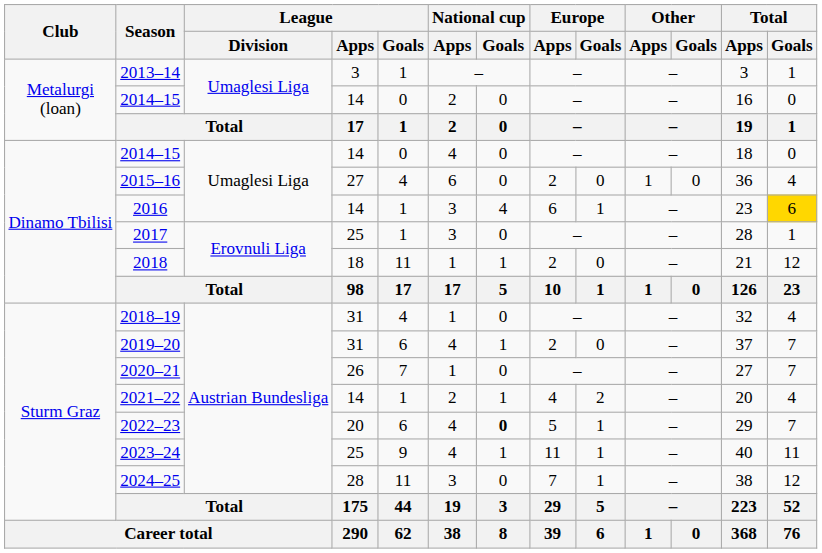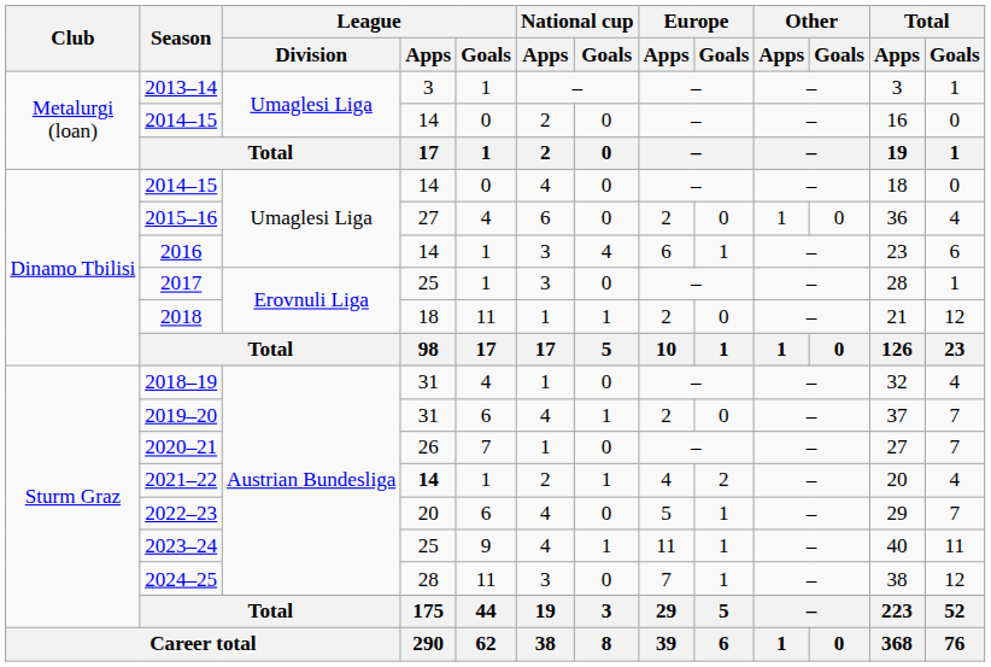 <table class="wikitable" style="text-align:center">
 <tr>
 <th rowspan="2">Club</th>
 <th rowspan="2">Season</th>
 <th colspan="3">League</th>
 <th colspan="2">National cup</th>
 <th colspan="2">Europe</th>
 <th colspan="2">Other</th>
 <th colspan="2">Total</th>
 </tr>
 <tr>
 <th>Division</th>
 <th>Apps</th>
 <th>Goals</th>
 <th>Apps</th>
 <th>Goals</th>
 <th>Apps</th>
 <th>Goals</th>
 <th>Apps</th>
 <th>Goals</th>
 <th>Apps</th>
 <th>Goals</th>
 </tr>
 <tr>
 <td rowspan="3"><a href='#'>Metalurgi</a> <br>(loan)</td>
 <td><a href='#'>2013–14</a></td>
 <td rowspan="2"><a href='#'>Umaglesi Liga</a></td>
 <td>3</td>
 <td>1</td>
 <td colspan="2">–</td>
 <td colspan="2">–</td>
 <td colspan="2">–</td>
 <td>3</td>
 <td>1</td>
 </tr>
 <tr>
 <td><a href='#'>2014–15</a></td>
 <td>14</td>
 <td>0</td>
 <td>2</td>
 <td>0</td>
 <td colspan="2">–</td>
 <td colspan="2">–</td>
 <td>16</td>
 <td>0</td>
 </tr>
 <tr>
 <th colspan="2">Total</th>
 <th>17</th>
 <th>1</th>
 <th>2</th>
 <th>0</th>
 <th colspan="2">–</th>
 <th colspan="2">–</th>
 <th>19</th>
 <th>1</th>
 </tr>
 <tr>
 <td rowspan="6"><a href='#'>Dinamo Tbilisi</a></td>
 <td><a href='#'>2014–15</a></td>
 <td rowspan="3">Umaglesi Liga</td>
 <td>14</td>
 <td>0</td>
 <td>4</td>
 <td>0</td>
 <td colspan="2">–</td>
 <td colspan="2">–</td>
 <td>18</td>
 <td>0</td>
 </tr>
 <tr>
 <td><a href='#'>2015–16</a></td>
 <td>27</td>
 <td>4</td>
 <td>6</td>
 <td>0</td>
 <td>2</td>
 <td>0</td>
 <td>1</td>
 <td>0</td>
 <td>36</td>
 <td>4</td>
 </tr>
 <tr>
 <td><a href='#'>2016</a></td>
 <td>14</td>
 <td>1</td>
 <td>3</td>
 <td>4</td>
 <td>6</td>
 <td>1</td>
 <td colspan="2">–</td>
 <td>23</td>
-<td style="background: gold;">6</td>
+<td>6</td>
 </tr>
 <tr>
 <td><a href='#'>2017</a></td>
 <td rowspan="2"><a href='#'>Erovnuli Liga</a></td>
 <td>25</td>
 <td>1</td>
 <td>3</td>
 <td>0</td>
 <td colspan="2">–</td>
 <td colspan="2">–</td>
 <td>28</td>
 <td>1</td>
 </tr>
 <tr>
 <td><a href='#'>2018</a></td>
 <td>18</td>
 <td>11</td>
 <td>1</td>
 <td>1</td>
 <td>2</td>
 <td>0</td>
 <td colspan="2">–</td>
 <td>21</td>
 <td>12</td>
 </tr>
 <tr>
 <th colspan="2">Total</th>
 <th>98</th>
 <th>17</th>
 <th>17</th>
 <th>5</th>
 <th>10</th>
 <th>1</th>
 <th>1</th>
 <th>0</th>
 <th>126</th>
 <th>23</th>
 </tr>
 <tr>
 <td rowspan=8><a href='#'>Sturm Graz</a></td>
 <td><a href='#'>2018–19</a></td>
 <td rowspan="7"><a href='#'>Austrian Bundesliga</a></td>
 <td>31</td>
 <td>4</td>
 <td>1</td>
 <td>0</td>
 <td colspan="2">–</td>
 <td colspan="2">–</td>
 <td>32</td>
 <td>4</td>
 </tr>
 <tr>
 <td><a href='#'>2019–20</a></td>
 <td>31</td>
 <td>6</td>
 <td>4</td>
 <td>1</td>
 <td>2</td>
 <td>0</td>
 <td colspan="2">–</td>
 <td>37</td>
 <td>7</td>
 </tr>
 <tr>
 <td><a href='#'>2020–21</a></td>
 <td>26</td>
 <td>7</td>
 <td>1</td>
 <td>0</td>
 <td colspan="2">–</td>
 <td colspan="2">–</td>
 <td>27</td>
 <td>7</td>
 </tr>
 <tr>
 <td><a href='#'>2021–22</a></td>
-<td>14</td>
+<td><strong>14</strong></td>
 <td>1</td>
 <td>2</td>
 <td>1</td>
 <td>4</td>
 <td>2</td>
 <td colspan="2">–</td>
 <td>20</td>
 <td>4</td>
 </tr>
 <tr>
 <td><a href='#'>2022–23</a></td>
 <td>20</td>
 <td>6</td>
 <td>4</td>
-<td><strong>0</strong></td>
+<td>0</td>
 <td>5</td>
 <td>1</td>
 <td colspan="2">–</td>
 <td>29</td>
 <td>7</td>
 </tr>
 <tr>
 <td><a href='#'>2023–24</a></td>
 <td>25</td>
 <td>9</td>
 <td>4</td>
 <td>1</td>
 <td>11</td>
 <td>1</td>
 <td colspan="2">–</td>
 <td>40</td>
 <td>11</td>
 </tr>
 <tr>
 <td><a href='#'>2024–25</a></td>
 <td>28</td>
 <td>11</td>
 <td>3</td>
 <td>0</td>
 <td>7</td>
 <td>1</td>
 <td colspan="2">–</td>
 <td>38</td>
 <td>12</td>
 </tr>
 <tr>
 <th colspan="2">Total</th>
 <th>175</th>
 <th>44</th>
 <th>19</th>
 <th>3</th>
 <th>29</th>
 <th>5</th>
 <th colspan="2">–</th>
 <th>223</th>
 <th>52</th>
 </tr>
 <tr>
 <th colspan="3">Career total</th>
 <th>290</th>
 <th>62</th>
 <th>38</th>
 <th>8</th>
 <th>39</th>
 <th>6</th>
 <th>1</th>
 <th>0</th>
 <th>368</th>
 <th>76</th>
 </tr>
 </table>
